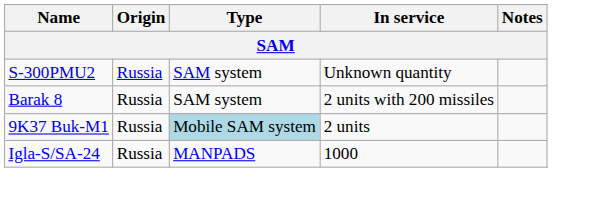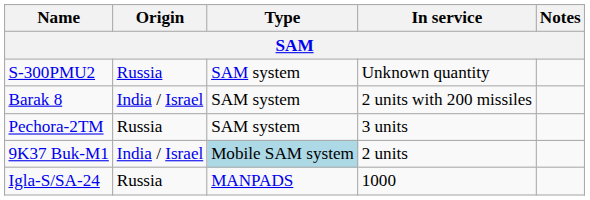 <table class="wikitable">
 <tr>
 <th style="text-align:center;">Name</th>
 <th style="text-align: center;">Origin</th>
 <th style="text-align:l center;">Type</th>
 <th style="text-align:l center;">In service</th>
 <th style="text-align: center;">Notes</th>
 </tr>
 <tr>
 <th colspan="5" style="align: center;"><a href='#'>SAM</a></th>
 </tr>
 <tr>
 <td><a href='#'>S-300PMU2</a></td>
 <td><a href='#'>Russia</a></td>
 <td><a href='#'>SAM</a> system</td>
 <td>Unknown quantity </td>
 <td></td>
 </tr>
 <tr>
 <td><a href='#'>Barak 8</a></td>
-<td>Russia</td>
+<td><a href='#'>India</a> / <a href='#'>Israel</a></td>
 <td>SAM system</td>
 <td>2 units with 200 missiles</td>
 <td></td>
 </tr>
 <tr>
+<td><a href='#'>Pechora-2TM</a></td>
+<td>Russia</td>
+<td>SAM system</td>
+<td>3 units</td>
+<td></td>
+</tr>
+<tr>
 <td><a href='#'>9K37 Buk-M1</a></td>
-<td>Russia</td>
+<td><a href='#'>India</a> / <a href='#'>Israel</a></td>
 <td style="background: lightblue;">Mobile SAM system</td>
 <td>2 units</td>
 <td></td>
 </tr>
 <tr>
 <td><a href='#'>Igla-S/SA-24</a></td>
 <td>Russia</td>
 <td><a href='#'>MANPADS</a></td>
 <td>1000</td>
 <td></td>
 </tr>
 </table>
